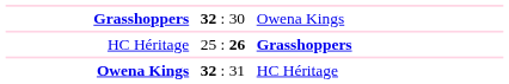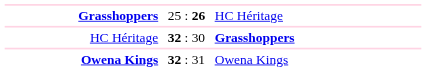 <table style="text-align:center" width=500>
 <tr>
 <th width=30%></th>
 <th width=10%></th>
 <th width=30%></th>
 <th width=10%></th>
 </tr>
 <tr align="left" bgcolor=#ffd4e4>
 <td colspan=4></td>
 </tr>
 <tr>
 <td align="right"><strong><a href='#'>Grasshoppers</a></strong> </td>
-<td><strong>32</strong> : 30</td>
-<td align=left> <a href='#'>Owena Kings</a></td>
+<td>25 : <strong>26</strong></td>
+<td align=left> <a href='#'>HC Héritage</a></td>
 </tr>
 <tr align="left" bgcolor=#ffd4e4>
 <td colspan=4></td>
 </tr>
 <tr>
 <td align="right"><a href='#'>HC Héritage</a> </td>
-<td>25 : <strong>26</strong></td>
+<td><strong>32</strong> : 30</td>
 <td align=left> <strong><a href='#'>Grasshoppers</a></strong></td>
 </tr>
 <tr align="left" bgcolor=#ffd4e4>
 <td colspan=4></td>
 </tr>
 <tr>
 <td align="right"><strong><a href='#'>Owena Kings</a></strong> </td>
 <td><strong>32</strong> : 31</td>
-<td align=left> <a href='#'>HC Héritage</a></td>
+<td align=left> <a href='#'>Owena Kings</a></td>
 </tr>
 </table>
